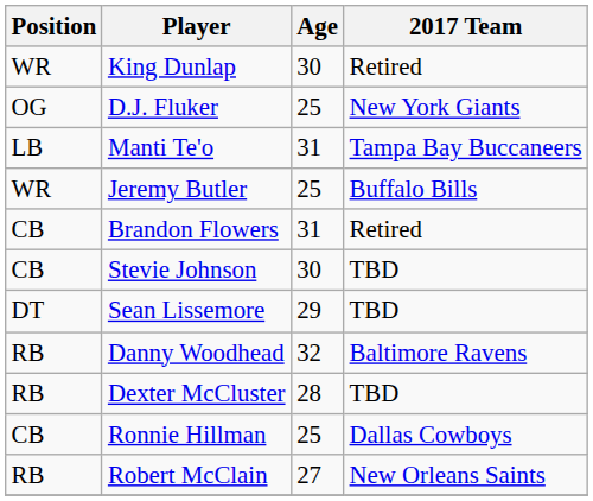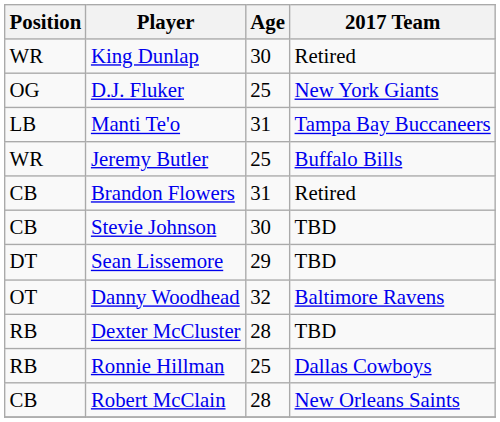 <table class="wikitable" style="font-size: 95%; text-align: left">
 <tr>
 <th>Position</th>
 <th>Player</th>
 <th>Age</th>
 <th>2017 Team</th>
 </tr>
 <tr>
 <td>WR</td>
 <td><a href='#'>King Dunlap</a></td>
 <td>30</td>
 <td>Retired</td>
 </tr>
 <tr>
 <td>OG</td>
 <td><a href='#'>D.J. Fluker</a></td>
 <td>25</td>
 <td><a href='#'>New York Giants</a></td>
 </tr>
 <tr>
 <td>LB</td>
 <td><a href='#'>Manti Te'o</a></td>
 <td>31</td>
 <td><a href='#'>Tampa Bay Buccaneers</a></td>
 </tr>
 <tr>
 <td>WR</td>
 <td><a href='#'>Jeremy Butler</a></td>
 <td>25</td>
 <td><a href='#'>Buffalo Bills</a></td>
 </tr>
 <tr>
 <td>CB</td>
 <td><a href='#'>Brandon Flowers</a></td>
 <td>31</td>
 <td>Retired</td>
 </tr>
 <tr>
 <td>CB</td>
 <td><a href='#'>Stevie Johnson</a></td>
 <td>30</td>
 <td>TBD</td>
 </tr>
 <tr>
 <td>DT</td>
 <td><a href='#'>Sean Lissemore</a></td>
 <td>29</td>
 <td>TBD</td>
 </tr>
 <tr>
-<td>RB</td>
+<td>OT</td>
 <td><a href='#'>Danny Woodhead</a></td>
 <td>32</td>
 <td><a href='#'>Baltimore Ravens</a></td>
 </tr>
 <tr>
 <td>RB</td>
 <td><a href='#'>Dexter McCluster</a></td>
 <td>28</td>
 <td>TBD</td>
 </tr>
 <tr>
-<td>CB</td>
+<td>RB</td>
 <td><a href='#'>Ronnie Hillman</a></td>
 <td>25</td>
 <td><a href='#'>Dallas Cowboys</a></td>
 </tr>
 <tr>
-<td>RB</td>
+<td>CB</td>
 <td><a href='#'>Robert McClain</a></td>
-<td>27</td>
+<td>28</td>
 <td><a href='#'>New Orleans Saints</a></td>
 </tr>
 <tr>
 </tr>
 </table>
